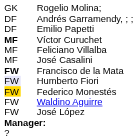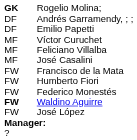 <table cellspacing="0" cellpadding="0" style="font-size:90%; margin:0.2em auto;">
 <tr>
 <th width="25"></th>
 <th width="25"></th>
 </tr>
 <tr>
-<td>GK</td>
+<td><strong>GK</strong></td>
 <td></td>
 <td> Rogelio Molina;</td>
 </tr>
 <tr>
 <td>DF</td>
 <td></td>
 <td> Andrés Garramendy, ; ;</td>
 </tr>
 <tr>
 <td>DF</td>
 <td></td>
 <td> Emilio Papetti</td>
 </tr>
 <tr>
-<td><strong>MF</strong></td>
+<td>MF</td>
 <td></td>
 <td> Víctor Curuchet</td>
 </tr>
 <tr>
 <td>MF</td>
 <td></td>
 <td> Feliciano Villalba</td>
 </tr>
 <tr>
 <td>MF</td>
 <td></td>
 <td> José Casalini</td>
 </tr>
 <tr>
-<td><strong>FW</strong></td>
+<td>FW</td>
 <td></td>
 <td> Francisco de la Mata</td>
 </tr>
 <tr>
-<td style="background: lavender;">FW</td>
+<td>FW</td>
 <td></td>
 <td> Humberto Fiori</td>
 </tr>
 <tr>
-<td style="background: gold;">FW</td>
+<td>FW</td>
 <td></td>
 <td> Federico Monestés</td>
 </tr>
 <tr>
-<td>FW</td>
+<td><strong>FW</strong></td>
 <td></td>
 <td> <a href='#'>Waldino Aguirre</a></td>
 </tr>
 <tr>
 <td>FW</td>
 <td></td>
 <td> José López</td>
 </tr>
 <tr>
 <td colspan=3><strong>Manager:</strong></td>
 </tr>
 <tr>
 <td colspan=4> ?</td>
 </tr>
 </table>
